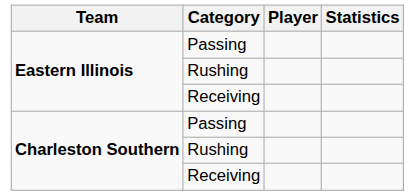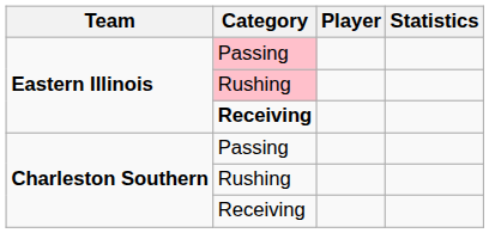 <table class="wikitable" style="float: right;">
 <tr>
 <th>Team</th>
 <th>Category</th>
 <th>Player</th>
 <th>Statistics</th>
 </tr>
 <tr>
 <td rowspan=3><strong>Eastern Illinois</strong></td>
-<td>Passing</td>
+<td style="background: pink;">Passing</td>
 <td></td>
 <td></td>
 </tr>
 <tr>
-<td>Rushing</td>
+<td style="background: pink;">Rushing</td>
 <td></td>
 <td></td>
 </tr>
 <tr>
-<td>Receiving</td>
+<td><strong>Receiving</strong></td>
 <td></td>
 <td></td>
 </tr>
 <tr>
 <td rowspan=3><strong>Charleston Southern</strong></td>
 <td>Passing</td>
 <td></td>
 <td></td>
 </tr>
 <tr>
 <td>Rushing</td>
 <td></td>
 <td></td>
 </tr>
 <tr>
 <td>Receiving</td>
 <td></td>
 <td></td>
 </tr>
 </table>
